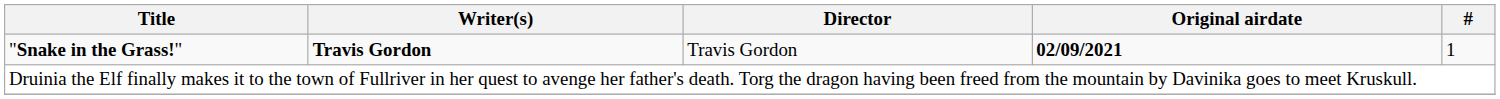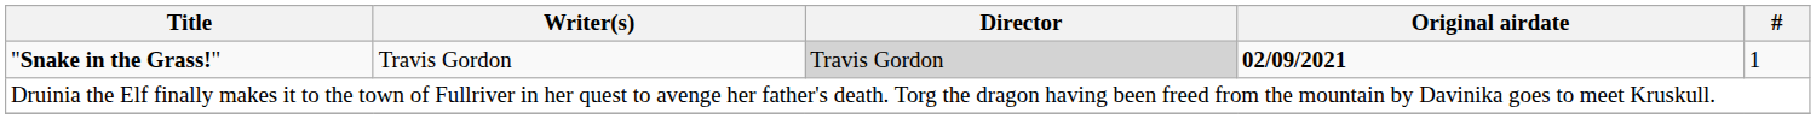 <table class="wikitable" width="100%">
 <tr>
 <th width="250">Title</th>
 <th align="center">Writer(s)</th>
 <th align="center">Director</th>
 <th align="center">Original airdate</th>
 <th align="center">#</th>
 </tr>
 <tr>
 <td>"<strong>Snake in the Grass!</strong>"</td>
-<td><strong>Travis Gordon</strong></td>
 <td>Travis Gordon</td>
+<td style="background: lightgrey;">Travis Gordon</td>
 <td><strong>02/09/2021</strong></td>
 <td>1</td>
 </tr>
 <tr>
 <td colspan="6" bgcolor="FFFFFF">Druinia the Elf finally makes it to the town of Fullriver in her quest to avenge her father's death. Torg the dragon having been freed from the mountain by Davinika goes to meet Kruskull.</td>
 </tr>
 <tr>
 </tr>
 </table>
